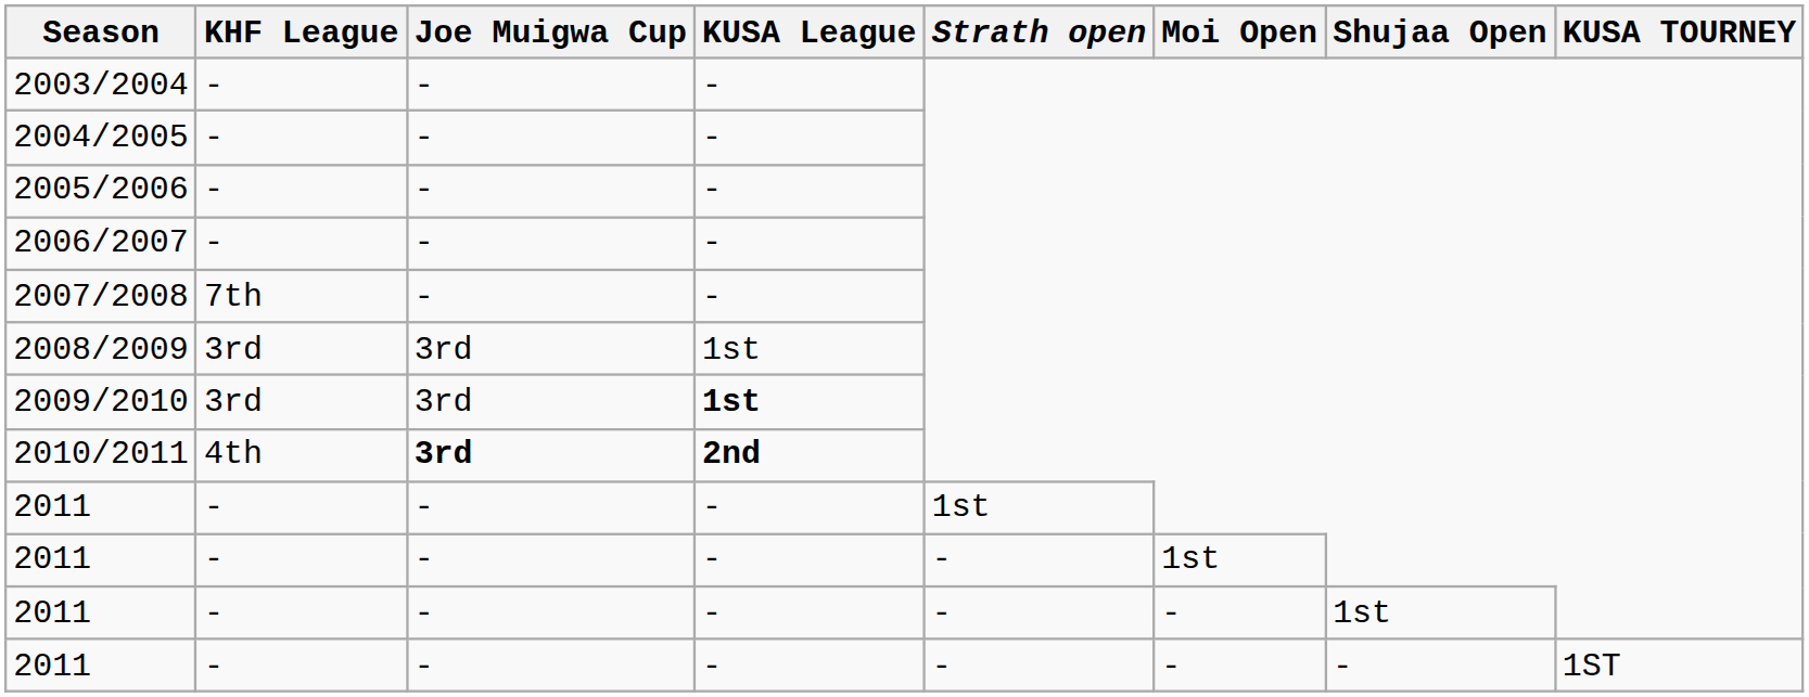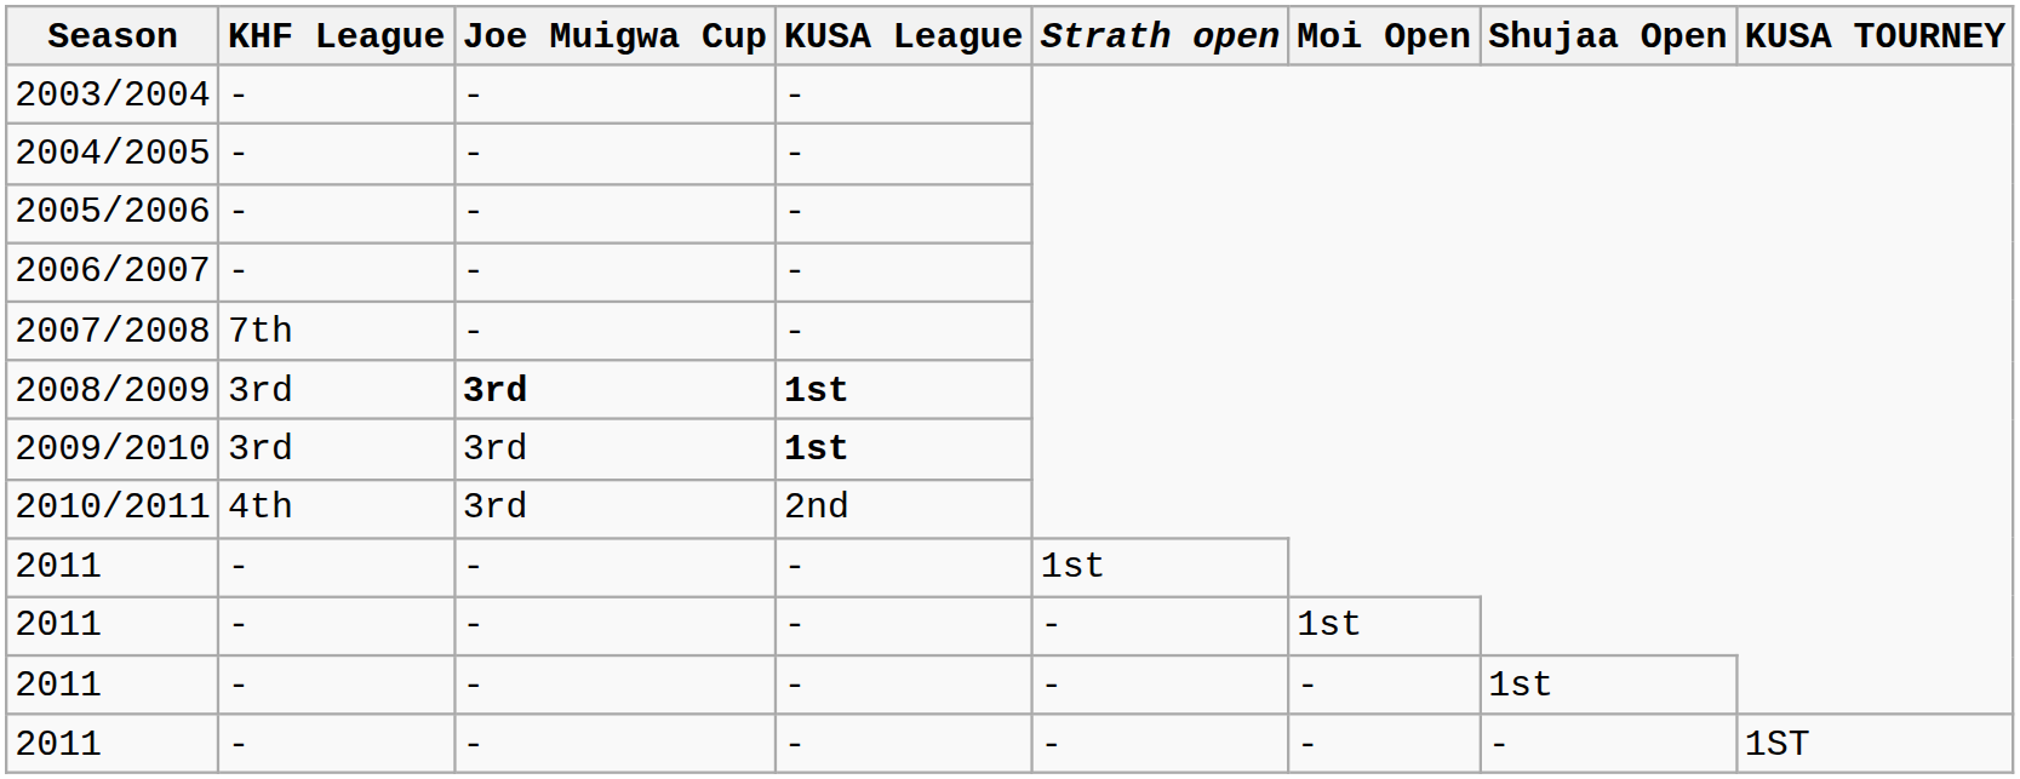 <table class="wikitable">
 <tr>
 <th><strong>Season</strong></th>
 <th><strong>KHF League</strong></th>
 <th><strong>Joe Muigwa Cup</strong></th>
 <th><strong>KUSA League</strong></th>
 <th><em>Strath open <strong></th>
 <th></em> Moi Open</strong></th>
 <th><strong>Shujaa Open</strong></th>
 <th><strong>KUSA TOURNEY</strong></th>
 </tr>
 <tr>
 <td>2003/2004</td>
 <td>-</td>
 <td>-</td>
 <td>-</td>
 </tr>
 <tr>
 <td>2004/2005</td>
 <td>-</td>
 <td>-</td>
 <td>-</td>
 </tr>
 <tr>
 <td>2005/2006</td>
 <td>-</td>
 <td>-</td>
 <td>-</td>
 </tr>
 <tr>
 <td>2006/2007</td>
 <td>-</td>
 <td>-</td>
 <td>-</td>
 </tr>
 <tr>
 <td>2007/2008</td>
 <td>7th</td>
 <td>-</td>
 <td>-</td>
 </tr>
 <tr>
 <td>2008/2009</td>
 <td>3rd</td>
-<td>3rd</td>
-<td>1st</td>
+<td><strong>3rd</strong></td>
+<td><strong>1st</strong></td>
 </tr>
 <tr>
 <td>2009/2010</td>
 <td>3rd</td>
 <td>3rd</td>
 <td><strong>1st</strong></td>
 </tr>
 <tr>
 <td>2010/2011</td>
 <td>4th</td>
-<td><strong>3rd</strong></td>
-<td><strong>2nd</strong></td>
+<td>3rd</td>
+<td>2nd</td>
 </tr>
 <tr>
 <td>2011</td>
 <td>-</td>
 <td>-</td>
 <td>-</td>
 <td>1st</td>
 </tr>
 <tr>
 <td>2011</td>
 <td>-</td>
 <td>-</td>
 <td>-</td>
 <td>-</td>
 <td>1st</td>
 </tr>
 <tr>
 <td>2011</td>
 <td>-</td>
 <td>-</td>
 <td>-</td>
 <td>-</td>
 <td>-</td>
 <td>1st</td>
 </tr>
 <tr>
 <td>2011</td>
 <td>-</td>
 <td>-</td>
 <td>-</td>
 <td>-</td>
 <td>-</td>
 <td>-</td>
 <td>1ST</td>
 </tr>
 </table>
